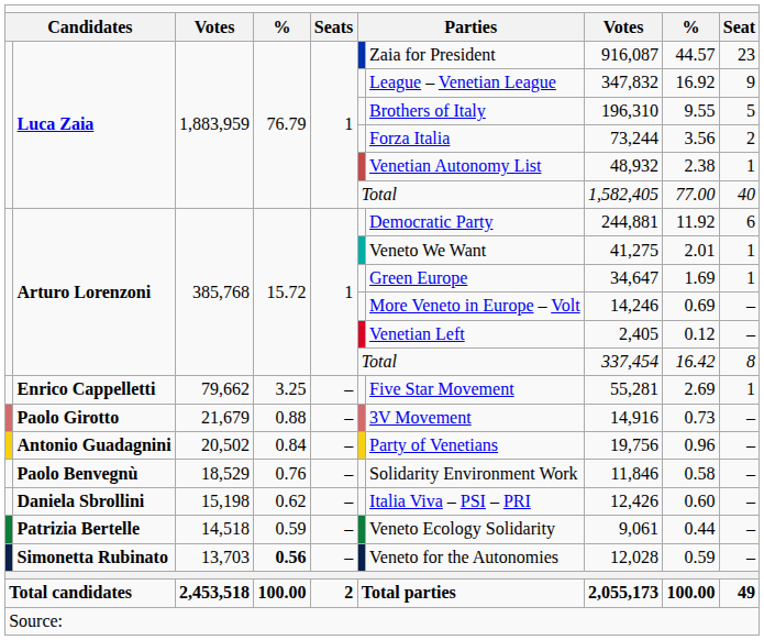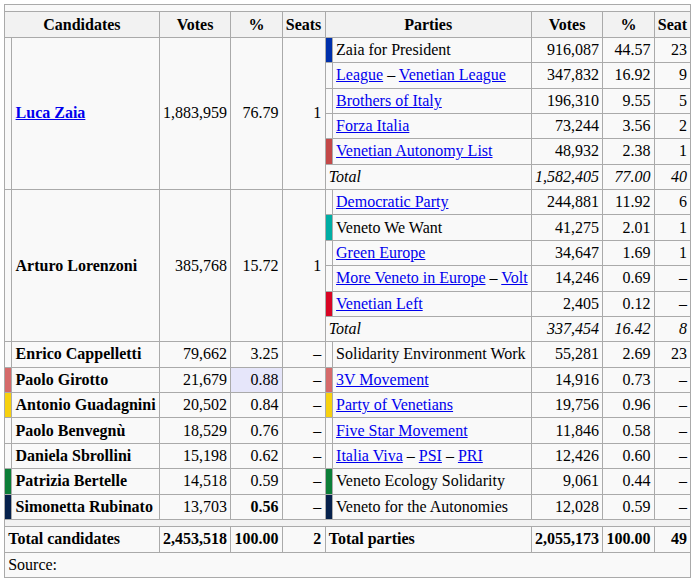 <table class="wikitable">
 <tr>
 <td colspan=10></td>
 </tr>
 <tr>
 <th colspan=2>Candidates</th>
 <th>Votes</th>
 <th>%</th>
 <th>Seats</th>
 <th colspan=2>Parties</th>
 <th>Votes</th>
 <th>%</th>
 <th>Seat</th>
 </tr>
 <tr>
 <td rowspan="6"></td>
 <td rowspan="6"><strong><a href='#'>Luca Zaia</a></strong></td>
 <td rowspan="6" align=right>1,883,959</td>
 <td rowspan="6" align=right>76.79</td>
 <td rowspan="6" align=right>1</td>
 <td bgcolor="#0030AB"></td>
 <td align="left">Zaia for President</td>
 <td align=right>916,087</td>
 <td align=right>44.57</td>
 <td align=right>23</td>
 </tr>
 <tr>
 <td></td>
 <td align="left"><a href='#'>League</a> – <a href='#'>Venetian League</a></td>
 <td align=right>347,832</td>
 <td align=right>16.92</td>
 <td align=right>9</td>
 </tr>
 <tr>
 <td></td>
 <td align="left"><a href='#'>Brothers of Italy</a></td>
 <td align=right>196,310</td>
 <td align=right>9.55</td>
 <td align=right>5</td>
 </tr>
 <tr>
 <td></td>
 <td align="left"><a href='#'>Forza Italia</a></td>
 <td align=right>73,244</td>
 <td align=right>3.56</td>
 <td align=right>2</td>
 </tr>
 <tr>
 <td bgcolor="C34848"></td>
 <td align="left"><a href='#'>Venetian Autonomy List</a></td>
 <td align=right>48,932</td>
 <td align=right>2.38</td>
 <td align=right>1</td>
 </tr>
 <tr>
 <td colspan=2><em>Total</em></td>
 <td align=right><em>1,582,405</em></td>
 <td align=right><em>77.00</em></td>
 <td align=right><em>40</em></td>
 </tr>
 <tr>
 <td rowspan="6"></td>
 <td rowspan="6"><strong>Arturo Lorenzoni</strong></td>
 <td rowspan="6" align=right>385,768</td>
 <td rowspan="6" align=right>15.72</td>
 <td rowspan="6" align=right>1</td>
 <td></td>
 <td align="left"><a href='#'>Democratic Party</a></td>
 <td align=right>244,881</td>
 <td align=right>11.92</td>
 <td align=right>6</td>
 </tr>
 <tr>
 <td style="background:#00ADA4;"></td>
 <td align="left">Veneto We Want</td>
 <td align=right>41,275</td>
 <td align=right>2.01</td>
 <td align=right>1</td>
 </tr>
 <tr>
 <td></td>
 <td align="left"><a href='#'>Green Europe</a></td>
 <td align=right>34,647</td>
 <td align=right>1.69</td>
 <td align=right>1</td>
 </tr>
 <tr>
 <td></td>
 <td align="left"><a href='#'>More Veneto in Europe</a> – <a href='#'>Volt</a></td>
 <td align=right>14,246</td>
 <td align=right>0.69</td>
 <td align=right>–</td>
 </tr>
 <tr>
 <td bgcolor="#D80524"></td>
 <td align="left"><a href='#'>Venetian Left</a></td>
 <td align=right>2,405</td>
 <td align=right>0.12</td>
 <td align=right>–</td>
 </tr>
 <tr>
 <td colspan=2><em>Total</em></td>
 <td align=right><em>337,454</em></td>
 <td align=right><em>16.42</em></td>
 <td align=right><em>8</em></td>
 </tr>
 <tr>
 <td></td>
 <td><strong>Enrico Cappelletti</strong></td>
 <td align=right>79,662</td>
 <td align=right>3.25</td>
 <td align=right>–</td>
 <td></td>
-<td><a href='#'>Five Star Movement</a></td>
+<td align="left">Solidarity Environment Work</td>
 <td align=right>55,281</td>
 <td align=right>2.69</td>
-<td align=right>1</td>
+<td align=right>23</td>
 </tr>
 <tr>
 <td bgcolor="#D56A6A"></td>
 <td><strong>Paolo Girotto</strong></td>
 <td align=right>21,679</td>
-<td align=right>0.88</td>
+<td align=right style="background: lavender;">0.88</td>
 <td align=right>–</td>
 <td bgcolor="#D56A6A"></td>
 <td align="left"><a href='#'>3V Movement</a></td>
 <td align=right>14,916</td>
 <td align=right>0.73</td>
 <td align=right>–</td>
 </tr>
 <tr>
 <td bgcolor="#F7D10F"></td>
 <td><strong>Antonio Guadagnini</strong></td>
 <td align=right>20,502</td>
 <td align=right>0.84</td>
 <td align=right>–</td>
 <td bgcolor="#F7D10F"></td>
 <td align="left"><a href='#'>Party of Venetians</a></td>
 <td align=right>19,756</td>
 <td align=right>0.96</td>
 <td align=right>–</td>
 </tr>
 <tr>
 <td></td>
 <td><strong>Paolo Benvegnù</strong></td>
 <td align=right>18,529</td>
 <td align=right>0.76</td>
 <td align=right>–</td>
 <td></td>
-<td align="left">Solidarity Environment Work</td>
+<td><a href='#'>Five Star Movement</a></td>
 <td align=right>11,846</td>
 <td align=right>0.58</td>
 <td align=right>–</td>
 </tr>
 <tr>
 <td></td>
 <td><strong>Daniela Sbrollini</strong></td>
 <td align=right>15,198</td>
 <td align=right>0.62</td>
 <td align=right>–</td>
 <td></td>
 <td align="left"><a href='#'>Italia Viva</a> – <a href='#'>PSI</a> – <a href='#'>PRI</a></td>
 <td align=right>12,426</td>
 <td align=right>0.60</td>
 <td align=right>–</td>
 </tr>
 <tr>
 <td bgcolor="#0C7E38"></td>
 <td><strong>Patrizia Bertelle</strong></td>
 <td align=right>14,518</td>
 <td align=right>0.59</td>
 <td align=right>–</td>
 <td bgcolor="#0C7E38"></td>
 <td align="left">Veneto Ecology Solidarity</td>
 <td align=right>9,061</td>
 <td align=right>0.44</td>
 <td align=right>–</td>
 </tr>
 <tr>
 <td bgcolor="#06214C"></td>
 <td><strong>Simonetta Rubinato</strong></td>
 <td align=right>13,703</td>
 <td align=right><strong>0.56</strong></td>
 <td align=right>–</td>
 <td bgcolor="#06214C"></td>
 <td align="left">Veneto for the Autonomies</td>
 <td align=right>12,028</td>
 <td align=right>0.59</td>
 <td align=right>–</td>
 </tr>
 <tr>
 <th colspan=10></th>
 </tr>
 <tr>
 <td colspan=2><strong>Total candidates</strong></td>
 <td align=right><strong>2,453,518</strong></td>
 <td align=right><strong>100.00</strong></td>
 <td align=right><strong>2</strong></td>
 <td colspan=2><strong>Total parties</strong></td>
 <td align=right><strong>2,055,173</strong></td>
 <td align=right><strong>100.00</strong></td>
 <td align=right><strong>49</strong></td>
 </tr>
 <tr>
 <td colspan=10>Source: </td>
 </tr>
 </table>
